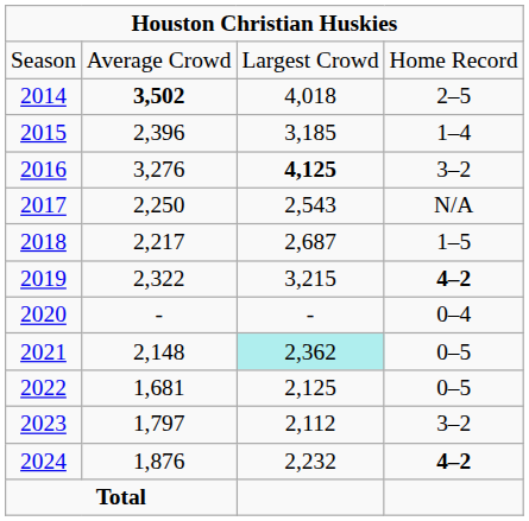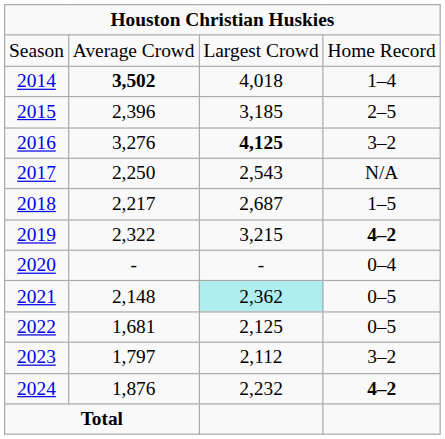 <table class="wikitable">
 <tr align="center">
 <td colspan="4"><strong>Houston Christian Huskies</strong></td>
 </tr>
 <tr align="center">
 <td>Season</td>
 <td>Average Crowd</td>
 <td>Largest Crowd</td>
 <td>Home Record</td>
 </tr>
 <tr align="center">
 <td><a href='#'>2014</a></td>
 <td><strong>3,502</strong></td>
 <td>4,018</td>
-<td>2–5</td>
+<td>1–4</td>
 </tr>
 <tr align="center">
 <td><a href='#'>2015</a></td>
 <td>2,396</td>
 <td>3,185</td>
-<td>1–4</td>
+<td>2–5</td>
 </tr>
 <tr align="center">
 <td><a href='#'>2016</a></td>
 <td>3,276</td>
 <td><strong>4,125</strong></td>
 <td>3–2</td>
 </tr>
 <tr align="center">
 <td><a href='#'>2017</a></td>
 <td>2,250</td>
 <td>2,543</td>
 <td>N/A</td>
 </tr>
 <tr align="center">
 <td><a href='#'>2018</a></td>
 <td>2,217</td>
 <td>2,687</td>
 <td>1–5</td>
 </tr>
 <tr align="center">
 <td><a href='#'>2019</a></td>
 <td>2,322</td>
 <td>3,215</td>
 <td><strong>4–2</strong></td>
 </tr>
 <tr align="center">
 <td><a href='#'>2020</a></td>
 <td>-</td>
 <td>-</td>
 <td>0–4</td>
 </tr>
 <tr align="center">
 <td><a href='#'>2021</a></td>
 <td>2,148</td>
 <td style="background: paleturquoise;">2,362</td>
 <td>0–5</td>
 </tr>
 <tr align="center">
 <td><a href='#'>2022</a></td>
 <td>1,681</td>
 <td>2,125</td>
 <td>0–5</td>
 </tr>
 <tr align="center">
 <td><a href='#'>2023</a></td>
 <td>1,797</td>
 <td>2,112</td>
 <td>3–2</td>
 </tr>
 <tr align="center">
 <td><a href='#'>2024</a></td>
 <td>1,876</td>
 <td>2,232</td>
 <td><strong>4–2</strong></td>
 </tr>
 <tr style="text-align:center; ">
 <td colspan="2"><strong>Total</strong></td>
 <td></td>
 <td><strong></strong></td>
 </tr>
 </table>
